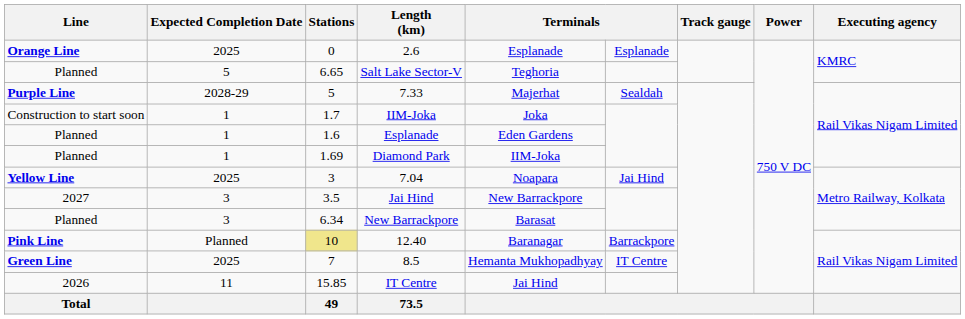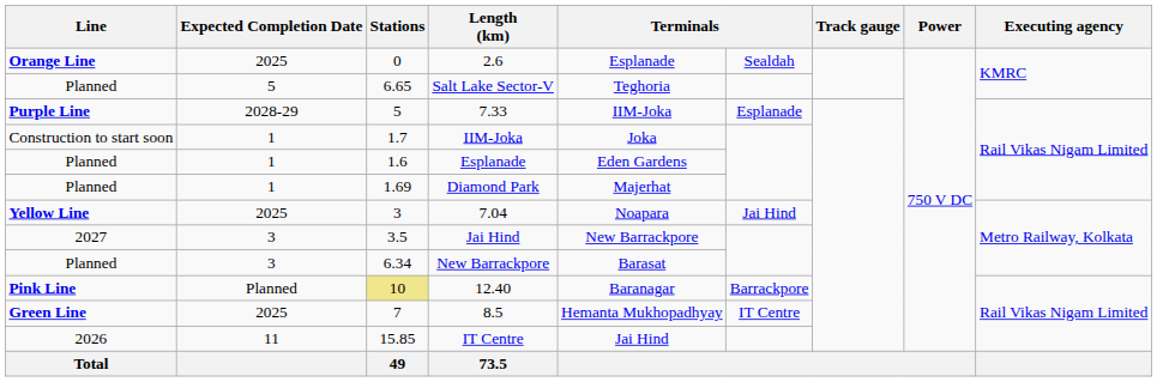 <table class="wikitable sortable">
 <tr>
 <th>Line</th>
 <th>Expected Completion Date</th>
 <th>Stations</th>
 <th>Length<br>(km)</th>
 <th colspan=2>Terminals</th>
 <th>Track gauge</th>
 <th>Power</th>
 <th>Executing agency</th>
 </tr>
 <tr>
 <td style="background:#"><strong><a href='#'><span>Orange Line</span></a></strong></td>
 <td style="text-align: center;">2025</td>
 <td style="text-align: center;">0</td>
 <td style="text-align: center;">2.6</td>
 <td style="text-align: center;"><a href='#'>Esplanade</a></td>
-<td style="text-align: center;"><a href='#'>Esplanade</a></td>
+<td style="text-align: center;"><a href='#'>Sealdah</a></td>
 <td rowspan=2></td>
 <td rowspan=12><a href='#'>750 V DC</a></td>
 <td rowspan=2><a href='#'>KMRC</a></td>
 </tr>
 <tr>
 <td style="text-align: center;">Planned</td>
 <td style="text-align: center;">5</td>
 <td style="text-align: center;">6.65</td>
 <td style="text-align: center;"><a href='#'>Salt Lake Sector-V</a></td>
 <td style="text-align: center;"><a href='#'>Teghoria</a></td>
 </tr>
 <tr>
 <td style="background:#"><strong><a href='#'><span>Purple Line</span></a></strong></td>
 <td style="text-align: center;">2028-29</td>
 <td style="text-align: center;">5</td>
 <td style="text-align: center;">7.33</td>
-<td style="text-align: center;"><a href='#'>Majerhat</a></td>
-<td style="text-align: center;"><a href='#'>Sealdah</a></td>
+<td style="text-align: center;"><a href='#'>IIM-Joka</a></td>
+<td style="text-align: center;"><a href='#'>Esplanade</a></td>
 <td rowspan=10></td>
 <td rowspan=4><a href='#'>Rail Vikas Nigam Limited</a></td>
 </tr>
 <tr>
 <td style="text-align: center;">Construction to start soon</td>
 <td style="text-align: center;">1</td>
 <td style="text-align: center;">1.7</td>
 <td style="text-align: center;"><a href='#'>IIM-Joka</a></td>
 <td style="text-align: center;"><a href='#'>Joka</a></td>
 </tr>
 <tr>
 <td style="text-align: center;">Planned</td>
 <td style="text-align: center;">1</td>
 <td style="text-align: center;">1.6</td>
 <td style="text-align: center;"><a href='#'>Esplanade</a></td>
 <td style="text-align: center;"><a href='#'>Eden Gardens</a></td>
 </tr>
 <tr>
 <td style="text-align: center;">Planned</td>
 <td style="text-align: center;">1</td>
 <td style="text-align: center;">1.69</td>
 <td style="text-align: center;"><a href='#'>Diamond Park</a></td>
-<td style="text-align: center;"><a href='#'>IIM-Joka</a></td>
+<td style="text-align: center;"><a href='#'>Majerhat</a></td>
 </tr>
 <tr>
 <td style="background:#"><strong><a href='#'><span>Yellow Line</span></a></strong></td>
 <td style="text-align:center;">2025</td>
 <td style="text-align:center;">3</td>
 <td style="text-align:center;">7.04</td>
 <td style="text-align: center;"><a href='#'>Noapara</a></td>
 <td style="text-align: center;"><a href='#'>Jai Hind</a></td>
 <td rowspan="3" style="text-align: left;"><a href='#'>Metro Railway, Kolkata</a></td>
 </tr>
 <tr>
 <td style="text-align:center;">2027</td>
 <td style="text-align:center;">3</td>
 <td style="text-align:center;">3.5</td>
 <td style="text-align: center;"><a href='#'>Jai Hind</a></td>
 <td style="text-align: center;"><a href='#'>New Barrackpore</a></td>
 </tr>
 <tr>
 <td style="text-align:center;">Planned</td>
 <td style="text-align:center;">3</td>
 <td style="text-align:center;">6.34</td>
 <td style="text-align: center;"><a href='#'>New Barrackpore</a></td>
 <td style="text-align: center;"><a href='#'>Barasat</a></td>
 </tr>
 <tr>
 <td style="background:#"><strong><a href='#'><span>Pink Line</span></a></strong></td>
 <td style="text-align:center;">Planned</td>
 <td style="background: khaki; text-align:center;">10</td>
 <td style="text-align:center;">12.40</td>
 <td style="text-align: center;"><a href='#'>Baranagar</a></td>
 <td style="text-align: center;"><a href='#'>Barrackpore</a></td>
 <td rowspan="3"><a href='#'>Rail Vikas Nigam Limited</a></td>
 </tr>
 <tr>
 <td style="background:#"><strong><a href='#'><span>Green Line</span></a></strong></td>
 <td style="text-align:center;">2025</td>
 <td style="text-align:center;">7</td>
 <td style="text-align:center;">8.5</td>
 <td style="text-align: center;"><a href='#'>Hemanta Mukhopadhyay</a></td>
 <td style="text-align: center;"><a href='#'>IT Centre</a></td>
 </tr>
 <tr>
 <td style="text-align:center;">2026</td>
 <td style="text-align:center;">11</td>
 <td style="text-align:center;">15.85</td>
 <td style="text-align: center;"><a href='#'>IT Centre</a></td>
 <td style="text-align: center;"><a href='#'>Jai Hind</a></td>
 </tr>
 <tr>
 <th>Total</th>
 <th style="text-align:center;"></th>
 <th style="text-align:center;">49</th>
 <th style="text-align:center;">73.5</th>
 <th colspan="4"></th>
 <th></th>
 </tr>
 </table>
